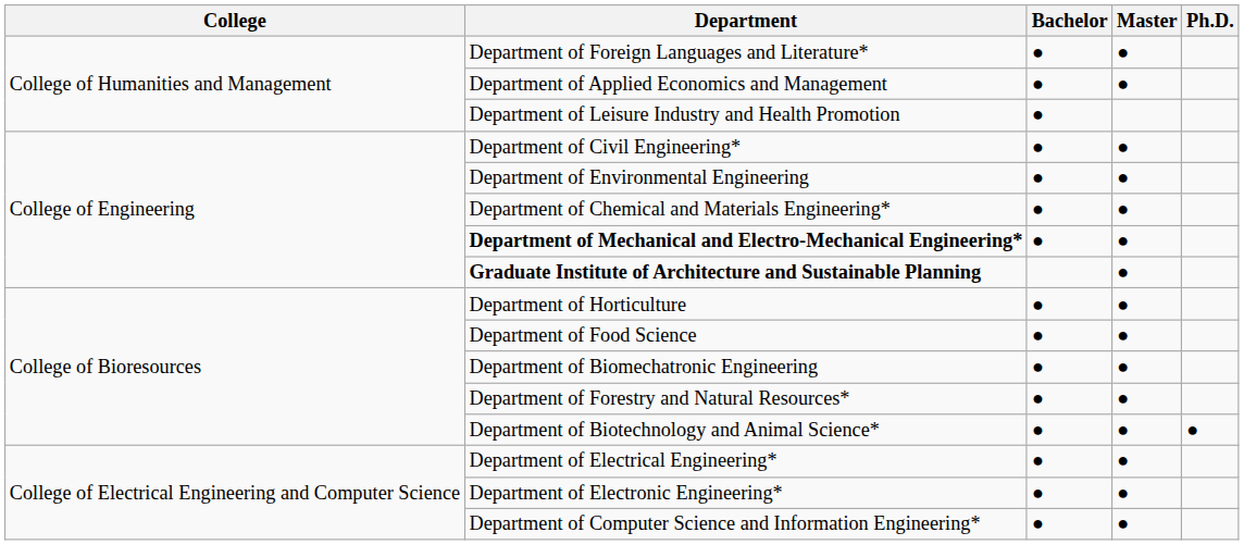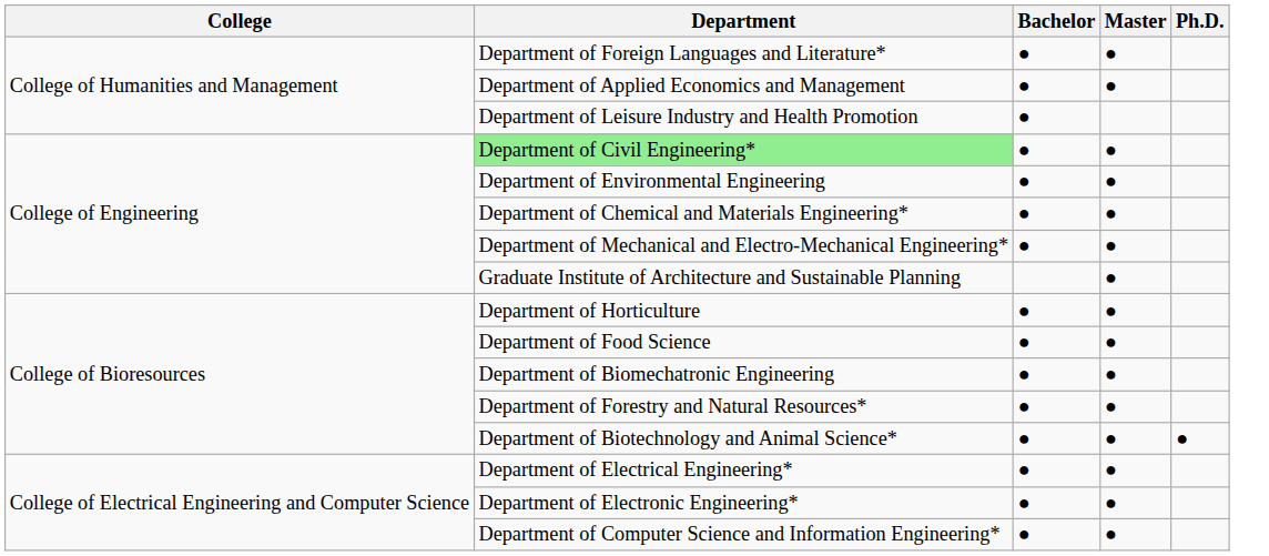 <table class="wikitable">
 <tr>
 <th>College</th>
 <th>Department</th>
 <th>Bachelor</th>
 <th>Master</th>
 <th>Ph.D.</th>
 </tr>
 <tr>
 <td rowspan="3">College of Humanities and Management</td>
 <td>Department of Foreign Languages and Literature*</td>
 <td>●</td>
 <td>●</td>
 <td></td>
 </tr>
 <tr>
 <td>Department of Applied Economics and Management</td>
 <td>●</td>
 <td>●</td>
 <td></td>
 </tr>
 <tr>
 <td>Department of Leisure Industry and Health Promotion</td>
 <td>●</td>
 <td></td>
 <td></td>
 </tr>
 <tr>
 <td rowspan="5">College of Engineering</td>
-<td>Department of Civil Engineering*</td>
+<td style="background: lightgreen;">Department of Civil Engineering*</td>
 <td>●</td>
 <td>●</td>
 <td></td>
 </tr>
 <tr>
 <td>Department of Environmental Engineering</td>
 <td>●</td>
 <td>●</td>
 <td></td>
 </tr>
 <tr>
 <td>Department of Chemical and Materials Engineering*</td>
 <td>●</td>
 <td>●</td>
 <td></td>
 </tr>
 <tr>
-<td><strong>Department of Mechanical and Electro-Mechanical Engineering*</strong></td>
+<td>Department of Mechanical and Electro-Mechanical Engineering*</td>
 <td>●</td>
 <td>●</td>
 <td></td>
 </tr>
 <tr>
-<td><strong>Graduate Institute of Architecture and Sustainable Planning</strong></td>
+<td>Graduate Institute of Architecture and Sustainable Planning</td>
 <td></td>
 <td>●</td>
 <td></td>
 </tr>
 <tr>
 <td rowspan="5">College of Bioresources</td>
 <td>Department of Horticulture</td>
 <td>●</td>
 <td>●</td>
 <td></td>
 </tr>
 <tr>
 <td>Department of Food Science</td>
 <td>●</td>
 <td>●</td>
 <td></td>
 </tr>
 <tr>
 <td>Department of Biomechatronic Engineering</td>
 <td>●</td>
 <td>●</td>
 <td></td>
 </tr>
 <tr>
 <td>Department of Forestry and Natural Resources*</td>
 <td>●</td>
 <td>●</td>
 <td></td>
 </tr>
 <tr>
 <td>Department of Biotechnology and Animal Science*</td>
 <td>●</td>
 <td>●</td>
 <td>●</td>
 </tr>
 <tr>
 <td rowspan="3">College of Electrical Engineering and Computer Science</td>
 <td>Department of Electrical Engineering*</td>
 <td>●</td>
 <td>●</td>
 <td></td>
 </tr>
 <tr>
 <td>Department of Electronic Engineering*</td>
 <td>●</td>
 <td>●</td>
 <td></td>
 </tr>
 <tr>
 <td>Department of Computer Science and Information Engineering*</td>
 <td>●</td>
 <td>●</td>
 <td></td>
 </tr>
 </table>
